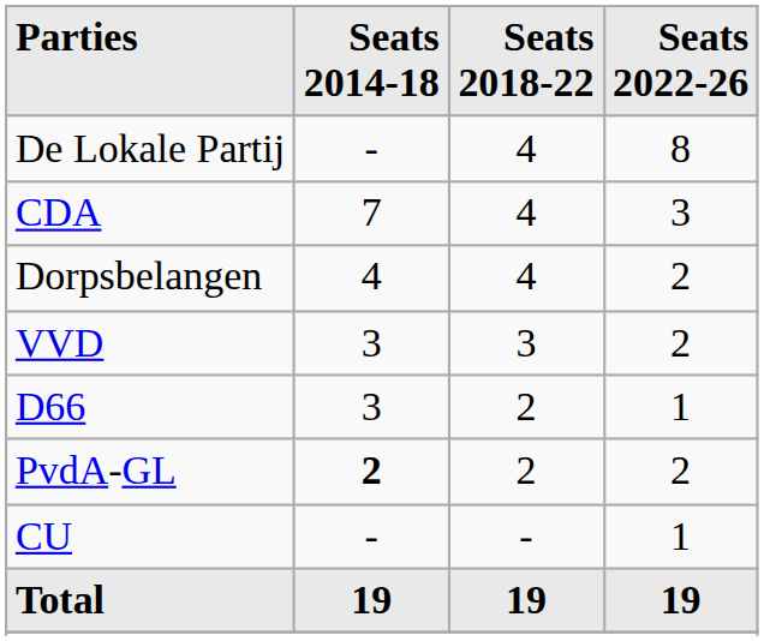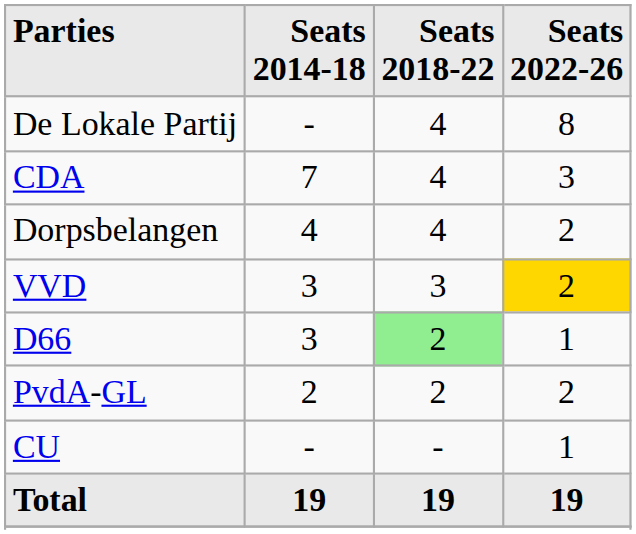 <table class="wikitable" style="text-align:center;">
 <tr>
 <th style="background-color:#E9E9E9;text-align:left;vertical-align:top;">Parties</th>
 <th style="background-color:#E9E9E9;text-align:right;vertical-align:top;">Seats<br>2014-18</th>
 <th style="background-color:#E9E9E9;text-align:right;vertical-align:top;">Seats<br>2018-22</th>
 <th style="background-color:#E9E9E9;text-align:right;vertical-align:top;">Seats<br>2022-26</th>
 </tr>
 <tr>
 <td style="text-align:left;">De Lokale Partij</td>
 <td>-</td>
 <td>4</td>
 <td>8</td>
 </tr>
 <tr>
 <td style="text-align:left;"><a href='#'>CDA</a></td>
 <td>7</td>
 <td>4</td>
 <td>3</td>
 </tr>
 <tr>
 <td style="text-align:left;">Dorpsbelangen</td>
 <td>4</td>
 <td>4</td>
 <td>2</td>
 </tr>
 <tr>
 <td style="text-align:left;"><a href='#'>VVD</a></td>
 <td>3</td>
 <td>3</td>
-<td>2</td>
+<td style="background: gold;">2</td>
 </tr>
 <tr>
 <td style="text-align:left;"><a href='#'>D66</a></td>
 <td>3</td>
-<td>2</td>
+<td style="background: lightgreen;">2</td>
 <td>1</td>
 </tr>
 <tr>
 <td style="text-align:left;"><a href='#'>PvdA</a>-<a href='#'>GL</a></td>
-<td><strong>2</strong></td>
+<td>2</td>
 <td>2</td>
 <td>2</td>
 </tr>
 <tr>
 <td style="text-align:left;"><a href='#'>CU</a></td>
 <td>-</td>
 <td>-</td>
 <td>1</td>
 </tr>
 <tr>
 <th style="text-align:left;background-color:#E9E9E9">Total</th>
 <th style="background-color:#E9E9E9">19</th>
 <th style="background-color:#E9E9E9">19</th>
 <th style="background-color:#E9E9E9">19</th>
 </tr>
 <tr>
 </tr>
 <tr>
 </tr>
 </table>
